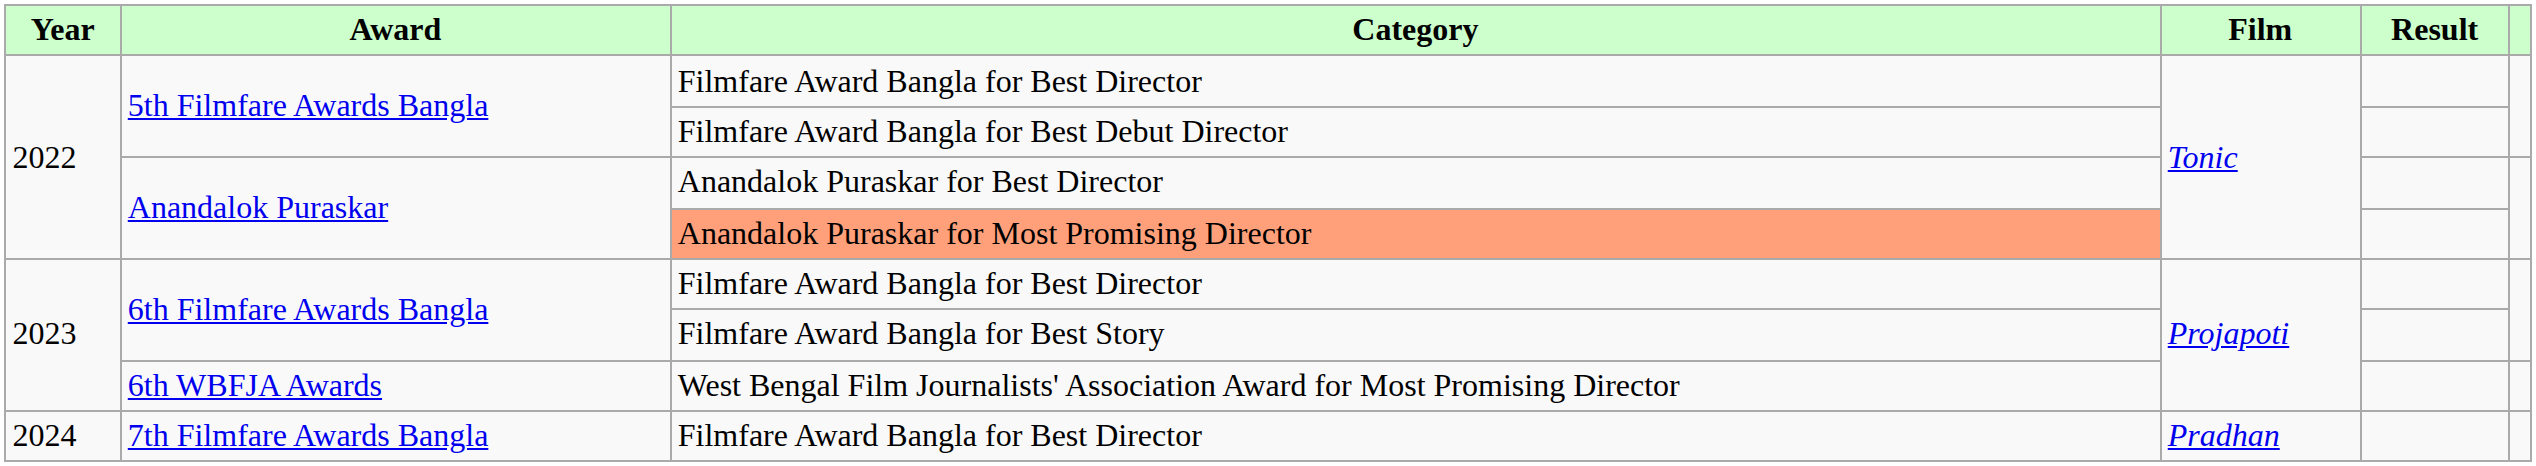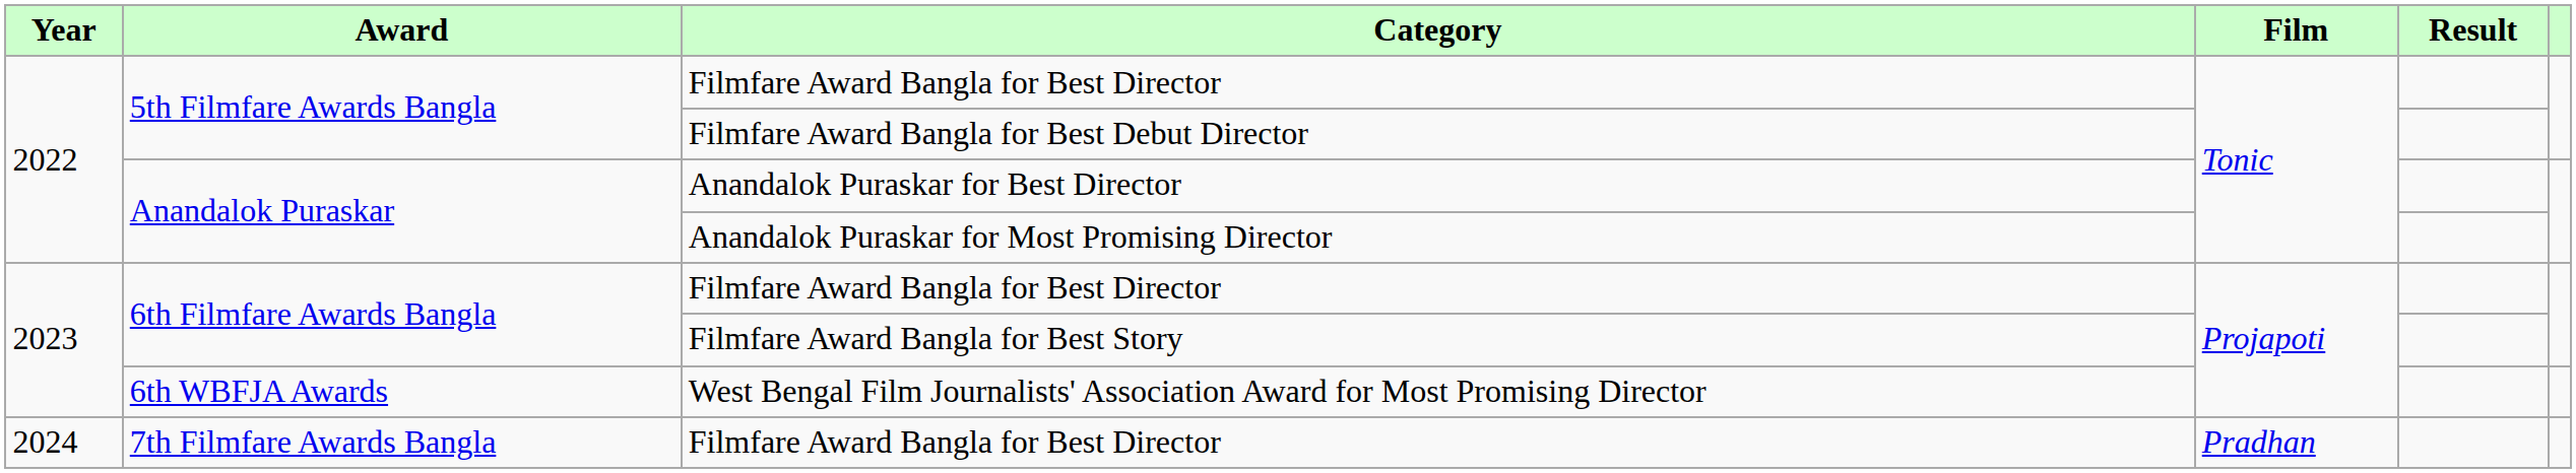 <table class="wikitable sortable" style="width: 100%">
 <tr style="background:#cfc; text-align:center;">
 <td><strong>Year</strong></td>
 <td><strong>Award</strong></td>
 <td><strong>Category</strong></td>
 <td><strong>Film</strong></td>
 <td><strong>Result</strong></td>
 <td><strong></strong></td>
 </tr>
 <tr>
 <td rowspan="4">2022</td>
 <td rowspan="2"><a href='#'>5th Filmfare Awards Bangla</a></td>
 <td>Filmfare Award Bangla for Best Director</td>
 <td rowspan="4"><em><a href='#'>Tonic</a></em></td>
 <td></td>
 <td rowspan="2"></td>
 </tr>
 <tr>
 <td>Filmfare Award Bangla for Best Debut Director</td>
 <td></td>
 </tr>
 <tr>
 <td rowspan="2"><a href='#'>Anandalok Puraskar</a></td>
 <td>Anandalok Puraskar for Best Director</td>
 <td></td>
 <td rowspan="2"></td>
 </tr>
 <tr>
-<td style="background: lightsalmon;">Anandalok Puraskar for Most Promising Director</td>
+<td>Anandalok Puraskar for Most Promising Director</td>
 <td></td>
 </tr>
 <tr>
 <td rowspan="3">2023</td>
 <td rowspan="2"><a href='#'>6th Filmfare Awards Bangla</a></td>
 <td>Filmfare Award Bangla for Best Director</td>
 <td rowspan="3"><em><a href='#'>Projapoti</a></em></td>
 <td></td>
 <td rowspan="2"></td>
 </tr>
 <tr>
 <td>Filmfare Award Bangla for Best Story</td>
 <td></td>
 </tr>
 <tr>
 <td><a href='#'>6th WBFJA Awards</a></td>
 <td>West Bengal Film Journalists' Association Award for Most Promising Director</td>
 <td></td>
 <td></td>
 </tr>
 <tr>
 <td>2024</td>
 <td><a href='#'>7th Filmfare Awards Bangla</a></td>
 <td>Filmfare Award Bangla for Best Director</td>
 <td><em><a href='#'>Pradhan</a></em></td>
 <td></td>
 <td></td>
 </tr>
 <tr>
 </tr>
 </table>
